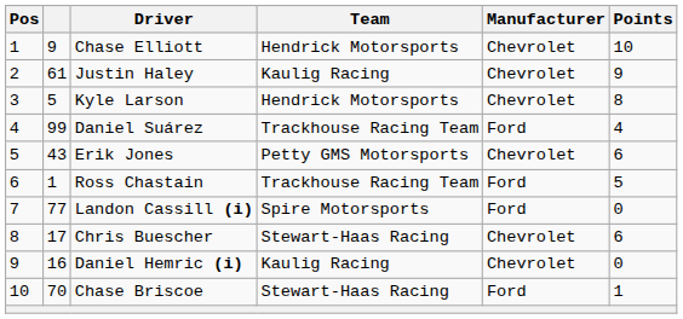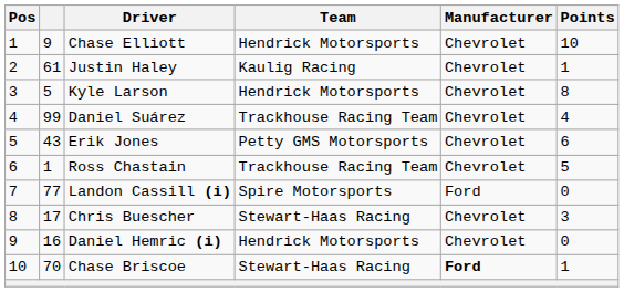 <table class="wikitable" style="font-size:98%">
 <tr>
 <th>Pos</th>
 <th></th>
 <th>Driver</th>
 <th>Team</th>
 <th>Manufacturer</th>
 <th>Points</th>
 </tr>
 <tr>
 <td>1</td>
 <td>9</td>
 <td>Chase Elliott</td>
 <td>Hendrick Motorsports</td>
 <td>Chevrolet</td>
 <td>10</td>
 </tr>
 <tr>
 <td>2</td>
 <td>61</td>
 <td>Justin Haley</td>
 <td>Kaulig Racing</td>
 <td>Chevrolet</td>
-<td>9</td>
+<td>1</td>
 </tr>
 <tr>
 <td>3</td>
 <td>5</td>
 <td>Kyle Larson</td>
 <td>Hendrick Motorsports</td>
 <td>Chevrolet</td>
 <td>8</td>
 </tr>
 <tr>
 <td>4</td>
 <td>99</td>
 <td>Daniel Suárez</td>
 <td>Trackhouse Racing Team</td>
-<td>Ford</td>
+<td>Chevrolet</td>
 <td>4</td>
 </tr>
 <tr>
 <td>5</td>
 <td>43</td>
 <td>Erik Jones</td>
 <td>Petty GMS Motorsports</td>
 <td>Chevrolet</td>
 <td>6</td>
 </tr>
 <tr>
 <td>6</td>
 <td>1</td>
 <td>Ross Chastain</td>
 <td>Trackhouse Racing Team</td>
-<td>Ford</td>
+<td>Chevrolet</td>
 <td>5</td>
 </tr>
 <tr>
 <td>7</td>
 <td>77</td>
 <td>Landon Cassill <strong>(i)</strong></td>
 <td>Spire Motorsports</td>
 <td>Ford</td>
 <td>0</td>
 </tr>
 <tr>
 <td>8</td>
 <td>17</td>
 <td>Chris Buescher</td>
 <td>Stewart-Haas Racing</td>
 <td>Chevrolet</td>
-<td>6</td>
+<td>3</td>
 </tr>
 <tr>
 <td>9</td>
 <td>16</td>
 <td>Daniel Hemric <strong>(i)</strong></td>
-<td>Kaulig Racing</td>
+<td>Hendrick Motorsports</td>
 <td>Chevrolet</td>
 <td>0</td>
 </tr>
 <tr>
 <td>10</td>
 <td>70</td>
 <td>Chase Briscoe</td>
 <td>Stewart-Haas Racing</td>
-<td>Ford</td>
+<td><strong>Ford</strong></td>
 <td>1</td>
 </tr>
 <tr>
 <th colspan="6"></th>
 </tr>
 </table>
